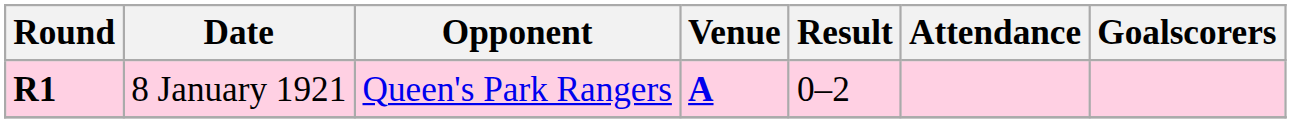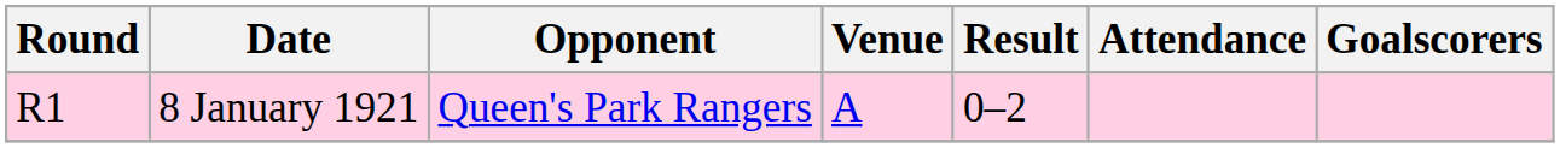 <table class="wikitable">
 <tr>
 <th>Round</th>
 <th>Date</th>
 <th>Opponent</th>
 <th>Venue</th>
 <th>Result</th>
 <th>Attendance</th>
 <th>Goalscorers</th>
 </tr>
 <tr style="background:#ffd0e3;">
-<td><strong>R1</strong></td>
+<td>R1</td>
 <td>8 January 1921</td>
 <td><a href='#'>Queen's Park Rangers</a></td>
-<td><strong><a href='#'>A</a></strong></td>
+<td><a href='#'>A</a></td>
 <td>0–2</td>
 <td></td>
 <td></td>
 </tr>
 <tr style="background:#ffffdd;">
 </tr>
 </table>
